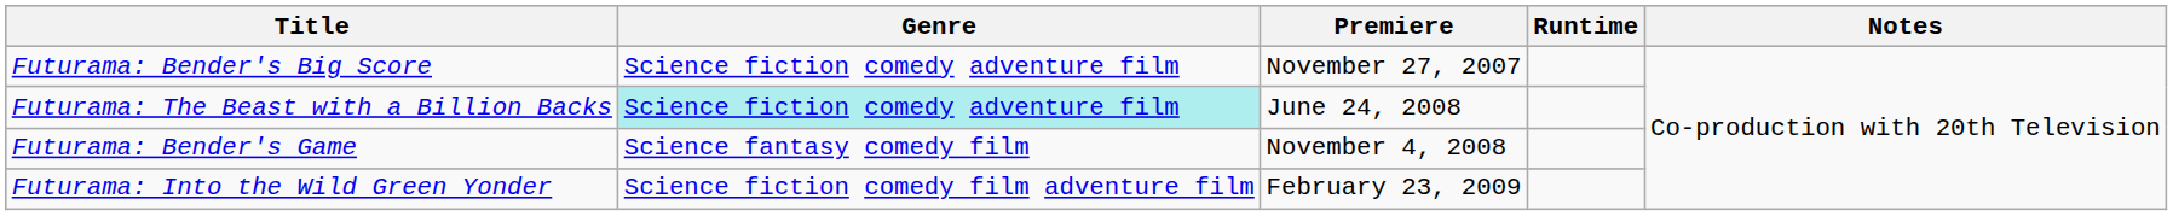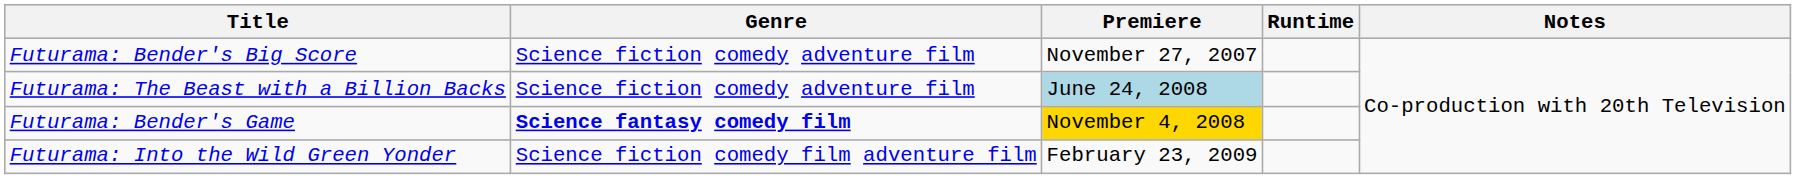 <table class="wikitable sortable">
 <tr>
 <th scope="col">Title</th>
 <th scope="col">Genre</th>
 <th scope="col">Premiere</th>
 <th scope="col">Runtime</th>
 <th scope="col">Notes</th>
 </tr>
 <tr>
 <td scope="row"><em><a href='#'>Futurama: Bender's Big Score</a></em></td>
 <td><a href='#'>Science fiction</a> <a href='#'>comedy</a> <a href='#'>adventure film</a></td>
 <td>November 27, 2007</td>
 <td></td>
 <td rowspan="5">Co-production with 20th Television</td>
 </tr>
 <tr>
 <td scope="row"><em><a href='#'>Futurama: The Beast with a Billion Backs</a></em></td>
-<td style="background: paleturquoise;"><a href='#'>Science fiction</a> <a href='#'>comedy</a> <a href='#'>adventure film</a></td>
-<td>June 24, 2008</td>
+<td><a href='#'>Science fiction</a> <a href='#'>comedy</a> <a href='#'>adventure film</a></td>
+<td style="background: lightblue;">June 24, 2008</td>
 <td></td>
 </tr>
 <tr>
 <td scope="row"><em><a href='#'>Futurama: Bender's Game</a></em></td>
-<td><a href='#'>Science fantasy</a> <a href='#'>comedy film</a></td>
-<td>November 4, 2008</td>
+<td><strong><a href='#'>Science fantasy</a> <a href='#'>comedy film</a></strong></td>
+<td style="background: gold;">November 4, 2008</td>
 <td></td>
 </tr>
 <tr>
 <td scope="row"><em><a href='#'>Futurama: Into the Wild Green Yonder</a></em></td>
 <td><a href='#'>Science fiction</a> <a href='#'>comedy film</a> <a href='#'>adventure film</a></td>
 <td>February 23, 2009</td>
 <td></td>
 </tr>
 </table>
